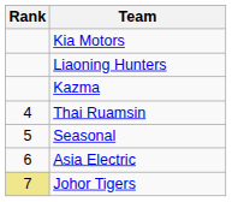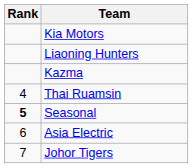 <table class="wikitable" style="text-align: center;">
 <tr>
 <th width=40>Rank</th>
 <th width=180>Team</th>
 </tr>
 <tr>
 <td></td>
 <td align=left> <a href='#'>Kia Motors</a></td>
 </tr>
 <tr>
 <td></td>
 <td align=left> <a href='#'>Liaoning Hunters</a></td>
 </tr>
 <tr>
 <td></td>
 <td align=left> <a href='#'>Kazma</a></td>
 </tr>
 <tr>
 <td>4</td>
 <td align=left> <a href='#'>Thai Ruamsin</a></td>
 </tr>
 <tr>
-<td>5</td>
+<td><strong>5</strong></td>
 <td align=left> <a href='#'>Seasonal</a></td>
 </tr>
 <tr>
 <td>6</td>
 <td align=left> <a href='#'>Asia Electric</a></td>
 </tr>
 <tr>
-<td style="background: khaki;">7</td>
+<td>7</td>
 <td align=left> <a href='#'>Johor Tigers</a></td>
 </tr>
 </table>
